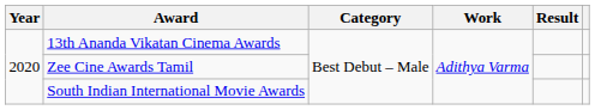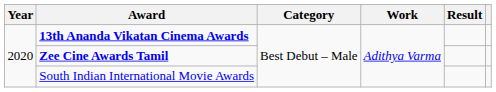 <table class="wikitable sortable">
 <tr>
 <th>Year</th>
 <th>Award</th>
 <th>Category</th>
 <th>Work</th>
 <th>Result</th>
 <th scope="col" class="unsortable"></th>
 </tr>
 <tr>
 <td rowspan="3">2020</td>
-<td><a href='#'>13th Ananda Vikatan Cinema Awards</a></td>
+<td><strong><a href='#'>13th Ananda Vikatan Cinema Awards</a></strong></td>
 <td rowspan="5">Best Debut – Male</td>
 <td rowspan="3"><em><a href='#'>Adithya Varma</a></em></td>
 <td></td>
 <td style="text-align:center;"></td>
 </tr>
 <tr>
-<td><a href='#'>Zee Cine Awards Tamil</a></td>
+<td><strong><a href='#'>Zee Cine Awards Tamil</a></strong></td>
 <td></td>
 <td style="text-align:center;"></td>
 </tr>
 <tr>
 <td><a href='#'>South Indian International Movie Awards</a></td>
 <td></td>
 <td style="text-align:center;"></td>
 </tr>
 </table>
